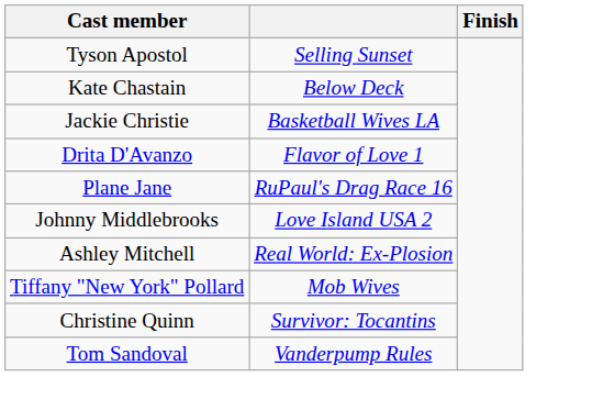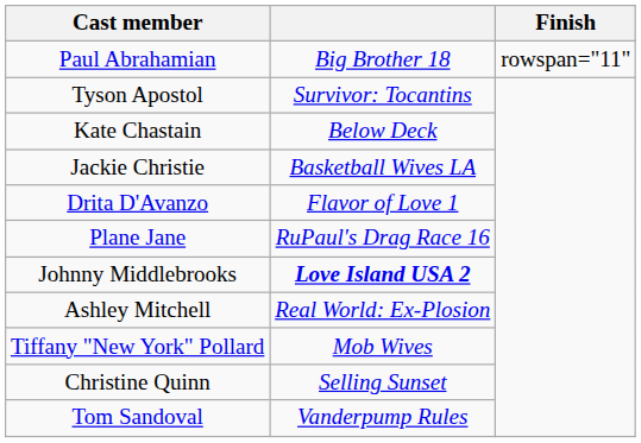 <table class="wikitable sortable" style="text-align:center;">
 <tr>
 <th>Cast member</th>
 <th></th>
 <th>Finish</th>
 </tr>
 <tr>
+<td><a href='#'>Paul Abrahamian</a></td>
+<td><em><a href='#'>Big Brother 18</a></em></td>
+<td>rowspan="11" </td>
+</tr>
+<tr>
 <td>Tyson Apostol</td>
-<td><em><a href='#'>Selling Sunset</a></em></td>
+<td><em><a href='#'>Survivor: Tocantins</a></em></td>
 </tr>
 <tr>
 <td>Kate Chastain</td>
 <td><em><a href='#'>Below Deck</a></em></td>
 </tr>
 <tr>
 <td>Jackie Christie</td>
 <td><em><a href='#'>Basketball Wives LA</a></em></td>
 </tr>
 <tr>
 <td><a href='#'>Drita D'Avanzo</a></td>
 <td><em><a href='#'>Flavor of Love 1</a></em></td>
 </tr>
 <tr>
 <td><a href='#'>Plane Jane</a></td>
 <td><em><a href='#'>RuPaul's Drag Race 16</a></em></td>
 </tr>
 <tr>
 <td>Johnny Middlebrooks</td>
-<td><em><a href='#'>Love Island USA 2</a></em></td>
+<td><strong><em><a href='#'>Love Island USA 2</a></em></strong></td>
 </tr>
 <tr>
 <td>Ashley Mitchell</td>
 <td><em><a href='#'>Real World: Ex-Plosion</a></em></td>
 </tr>
 <tr>
 <td><a href='#'>Tiffany "New York" Pollard</a></td>
 <td><em><a href='#'>Mob Wives</a></em></td>
 </tr>
 <tr>
 <td>Christine Quinn</td>
-<td><em><a href='#'>Survivor: Tocantins</a></em></td>
+<td><em><a href='#'>Selling Sunset</a></em></td>
 </tr>
 <tr>
 <td><a href='#'>Tom Sandoval</a></td>
 <td><em><a href='#'>Vanderpump Rules</a></em></td>
 </tr>
 </table>
